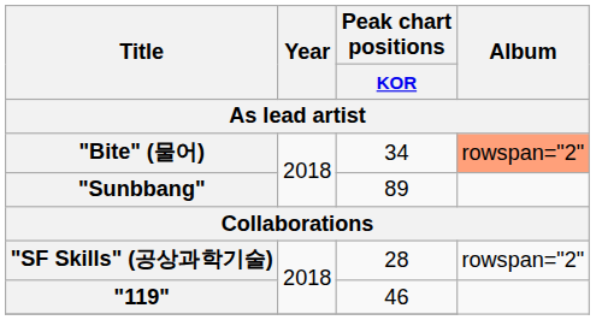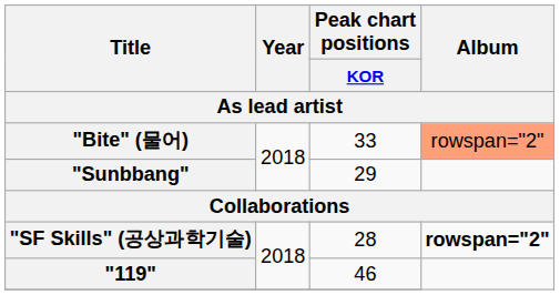 <table class="wikitable plainrowheaders" style="text-align:center;">
 <tr>
 <th scope="col" rowspan="2">Title</th>
 <th scope="col" rowspan="2">Year</th>
 <th scope="col" colspan="1">Peak chart <br> positions</th>
 <th scope="col" rowspan="2">Album</th>
 </tr>
 <tr>
 <th><small><a href='#'>KOR</a></small><br></th>
 </tr>
 <tr>
 <th scope="col" colspan="5">As lead artist</th>
 </tr>
 <tr>
 <th scope="row">"Bite" (물어)</th>
 <td rowspan="2">2018</td>
-<td>34</td>
+<td>33</td>
 <td style="background: lightsalmon;">rowspan="2" </td>
 </tr>
 <tr>
 <th scope="row">"Sunbbang" </th>
-<td>89</td>
+<td>29</td>
 </tr>
 <tr>
 <th scope="col" colspan="5">Collaborations</th>
 </tr>
 <tr>
 <th scope="row">"SF Skills" (공상과학기술)<br></th>
 <td rowspan="2">2018</td>
 <td>28</td>
-<td>rowspan="2" </td>
+<td><strong>rowspan="2" </strong></td>
 </tr>
 <tr>
 <th scope="row">"119"<br></th>
 <td>46</td>
 </tr>
 <tr>
 </tr>
 </table>
